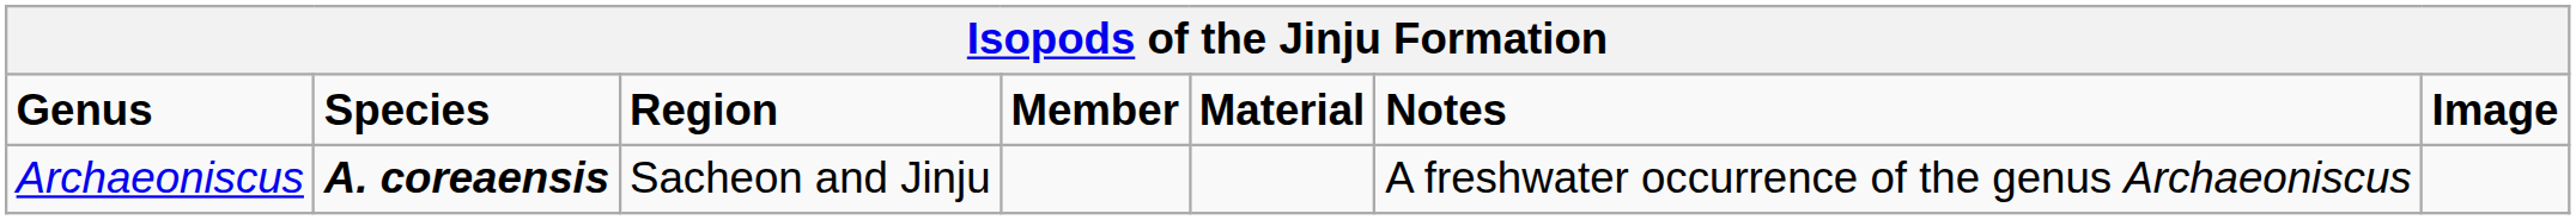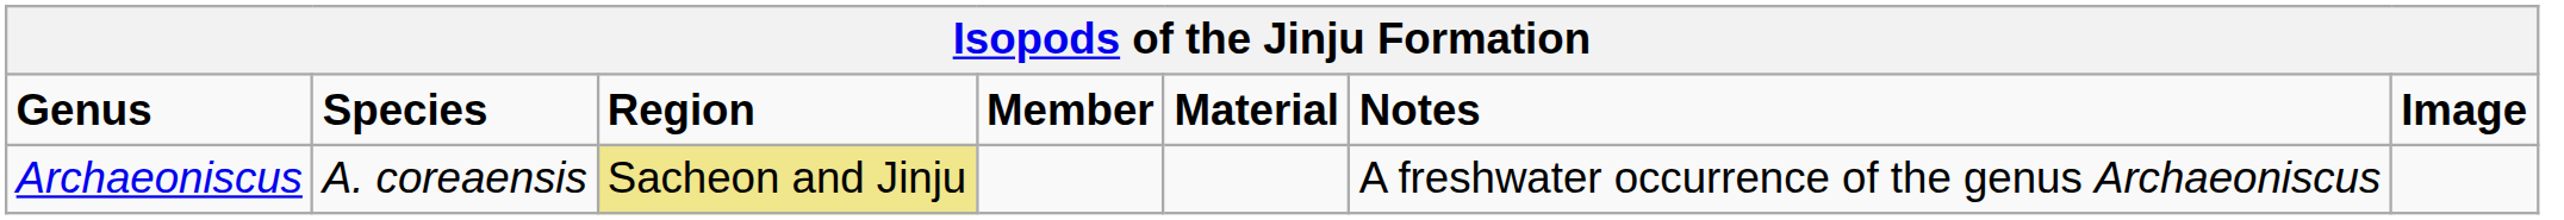 <table class="wikitable">
 <tr>
 <th colspan="7"><a href='#'>Isopods</a> of the Jinju Formation</th>
 </tr>
 <tr>
 <td><strong>Genus</strong></td>
 <td><strong>Species</strong></td>
 <td><strong>Region</strong></td>
 <td><strong>Member</strong></td>
 <td><strong>Material</strong></td>
 <td><strong>Notes</strong></td>
 <td><strong>Image</strong></td>
 </tr>
 <tr>
 <td><em><a href='#'>Archaeoniscus</a></em></td>
-<td><strong><em>A. coreaensis</em></strong></td>
-<td>Sacheon and Jinju</td>
+<td><em>A. coreaensis</em></td>
+<td style="background: khaki;">Sacheon and Jinju</td>
 <td></td>
 <td></td>
 <td>A freshwater occurrence of the genus <em>Archaeoniscus</em></td>
 <td></td>
 </tr>
 </table>
